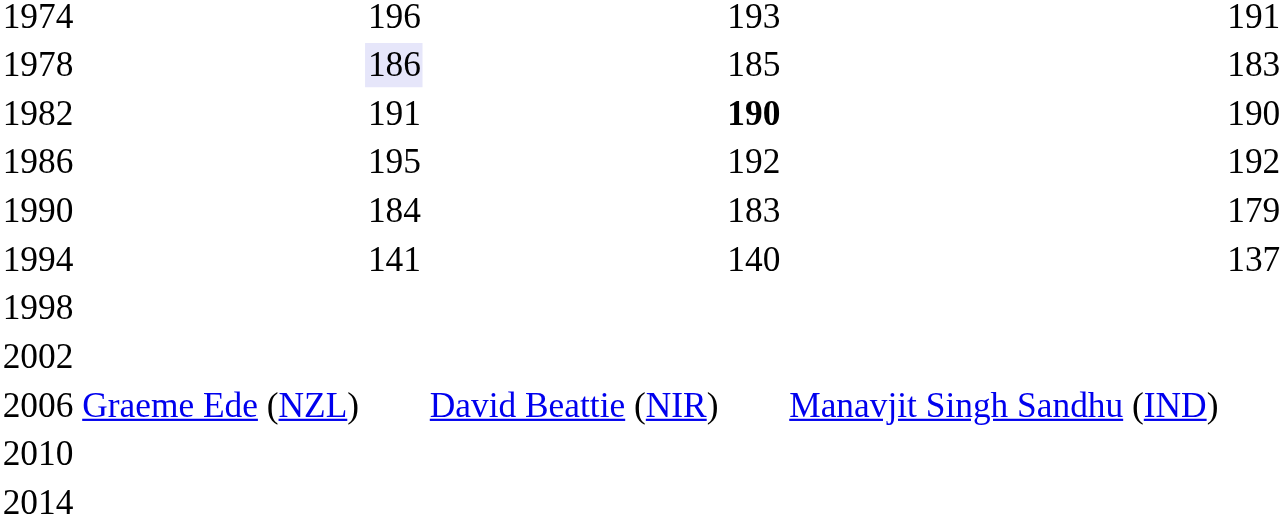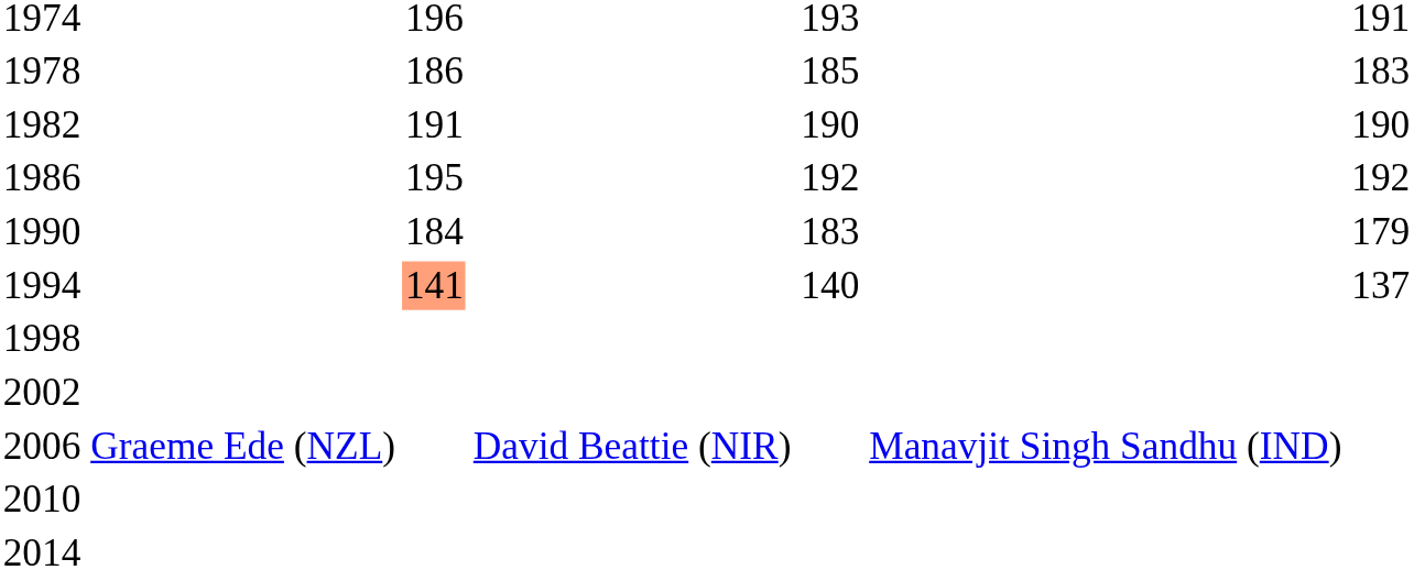 <table>
 <tr>
 <td>1974</td>
 <td></td>
 <td>196</td>
 <td></td>
 <td>193</td>
 <td></td>
 <td>191</td>
 </tr>
 <tr>
 <td>1978</td>
 <td></td>
-<td style="background: lavender;">186</td>
+<td>186</td>
 <td></td>
 <td>185</td>
 <td></td>
 <td>183</td>
 </tr>
 <tr>
 <td>1982</td>
 <td></td>
 <td>191</td>
 <td></td>
-<td><strong>190</strong></td>
+<td>190</td>
 <td></td>
 <td>190</td>
 </tr>
 <tr>
 <td>1986</td>
 <td></td>
 <td>195</td>
 <td></td>
 <td>192</td>
 <td></td>
 <td>192</td>
 </tr>
 <tr>
 <td>1990</td>
 <td></td>
 <td>184</td>
 <td></td>
 <td>183</td>
 <td></td>
 <td>179</td>
 </tr>
 <tr>
 <td>1994</td>
 <td></td>
-<td>141</td>
+<td style="background: lightsalmon;">141</td>
 <td></td>
 <td>140</td>
 <td></td>
 <td>137</td>
 </tr>
 <tr>
 <td>1998</td>
 <td></td>
 <td></td>
 <td></td>
 <td></td>
 <td></td>
 <td></td>
 </tr>
 <tr>
 <td>2002</td>
 <td></td>
 <td></td>
 <td></td>
 <td></td>
 <td></td>
 <td></td>
 </tr>
 <tr>
 <td>2006</td>
 <td> <a href='#'>Graeme Ede</a> (<a href='#'>NZL</a>)</td>
 <td></td>
 <td> <a href='#'>David Beattie</a> (<a href='#'>NIR</a>)</td>
 <td></td>
 <td> <a href='#'>Manavjit Singh Sandhu</a> (<a href='#'>IND</a>)</td>
 <td></td>
 </tr>
 <tr>
 <td>2010<br></td>
 <td></td>
 <td></td>
 <td></td>
 <td></td>
 <td></td>
 <td></td>
 </tr>
 <tr>
 <td>2014<br></td>
 <td></td>
 <td></td>
 <td></td>
 <td></td>
 <td></td>
 <td></td>
 </tr>
 </table>
